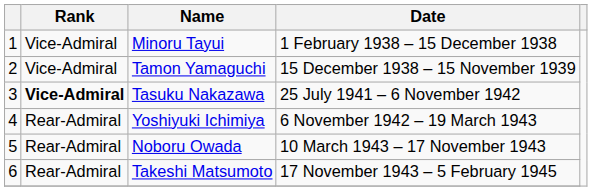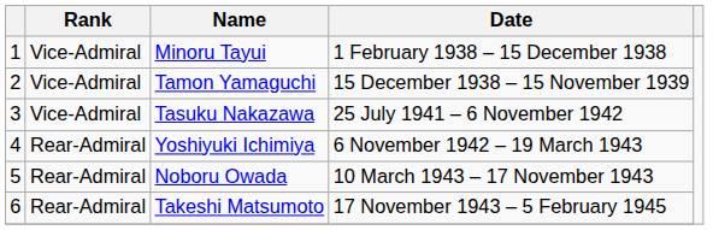 <table class=wikitable>
 <tr>
 <th></th>
 <th>Rank</th>
 <th>Name</th>
 <th>Date</th>
 <th></th>
 </tr>
 <tr>
 <td>1</td>
 <td>Vice-Admiral</td>
 <td><a href='#'>Minoru Tayui</a></td>
 <td>1 February 1938 –  15 December 1938</td>
 </tr>
 <tr>
 <td>2</td>
 <td>Vice-Admiral</td>
 <td><a href='#'>Tamon Yamaguchi</a></td>
 <td>15 December 1938 –  15 November 1939</td>
 </tr>
 <tr>
 <td>3</td>
-<td><strong>Vice-Admiral</strong></td>
+<td>Vice-Admiral</td>
 <td><a href='#'>Tasuku Nakazawa</a></td>
 <td>25 July 1941 –  6 November 1942</td>
 </tr>
 <tr>
 <td>4</td>
 <td>Rear-Admiral</td>
 <td><a href='#'>Yoshiyuki Ichimiya</a></td>
 <td>6 November 1942 –  19 March 1943</td>
 </tr>
 <tr>
 <td>5</td>
 <td>Rear-Admiral</td>
 <td><a href='#'>Noboru Owada</a></td>
 <td>10 March 1943 –  17 November 1943</td>
 </tr>
 <tr>
 <td>6</td>
 <td>Rear-Admiral</td>
 <td><a href='#'>Takeshi Matsumoto</a></td>
 <td>17 November 1943 –  5 February 1945</td>
 </tr>
 <tr>
 </tr>
 </table>
